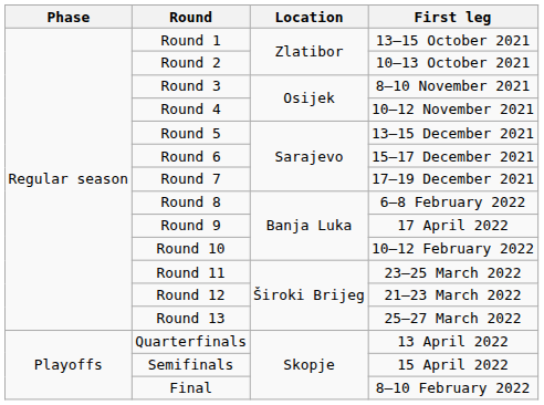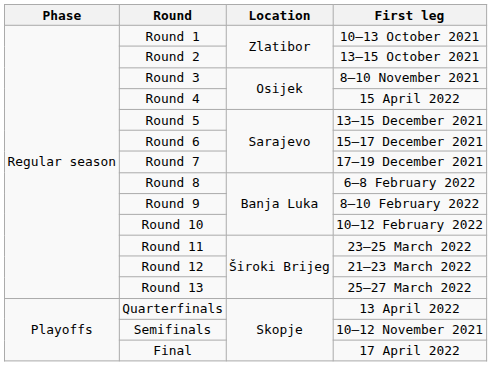 <table class="wikitable" style="text-align:center">
 <tr>
 <th>Phase</th>
 <th>Round</th>
 <th>Location</th>
 <th>First leg</th>
 </tr>
 <tr>
 <td rowspan="13">Regular season</td>
 <td>Round 1</td>
 <td rowspan="2">Zlatibor</td>
-<td>13–15 October 2021</td>
+<td>10–13 October 2021</td>
 </tr>
 <tr>
 <td>Round 2</td>
-<td>10–13 October 2021</td>
+<td>13–15 October 2021</td>
 </tr>
 <tr>
 <td>Round 3</td>
 <td rowspan="2">Osijek</td>
 <td>8–10 November 2021</td>
 </tr>
 <tr>
 <td>Round 4</td>
-<td>10–12 November 2021</td>
+<td>15 April 2022</td>
 </tr>
 <tr>
 <td>Round 5</td>
 <td rowspan="3">Sarajevo</td>
 <td>13–15 December 2021</td>
 </tr>
 <tr>
 <td>Round 6</td>
 <td>15–17 December 2021</td>
 </tr>
 <tr>
 <td>Round 7</td>
 <td>17–19 December 2021</td>
 </tr>
 <tr>
 <td>Round 8</td>
 <td rowspan="3">Banja Luka</td>
 <td>6–8 February 2022</td>
 </tr>
 <tr>
 <td>Round 9</td>
-<td>17 April 2022</td>
+<td>8–10 February 2022</td>
 </tr>
 <tr>
 <td>Round 10</td>
 <td>10–12 February 2022</td>
 </tr>
 <tr>
 <td>Round 11</td>
 <td rowspan="3">Široki Brijeg</td>
 <td>23–25 March 2022</td>
 </tr>
 <tr>
 <td>Round 12</td>
 <td>21–23 March 2022</td>
 </tr>
 <tr>
 <td>Round 13</td>
 <td>25–27 March 2022</td>
 </tr>
 <tr>
 <td rowspan="3">Playoffs</td>
 <td>Quarterfinals</td>
 <td rowspan="3">Skopje</td>
 <td>13 April 2022</td>
 </tr>
 <tr>
 <td>Semifinals</td>
-<td>15 April 2022</td>
+<td>10–12 November 2021</td>
 </tr>
 <tr>
 <td>Final</td>
-<td>8–10 February 2022</td>
+<td>17 April 2022</td>
 </tr>
 </table>
